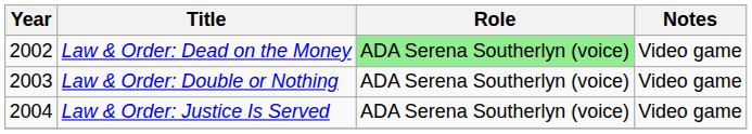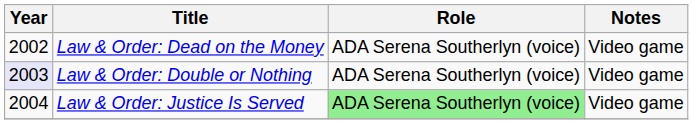 <table class="wikitable sortable">
 <tr>
 <th>Year</th>
 <th>Title</th>
 <th>Role</th>
 <th class="unsortable">Notes</th>
 </tr>
 <tr>
 <td>2002</td>
 <td><em><a href='#'>Law & Order: Dead on the Money</a></em></td>
-<td style="background: lightgreen;">ADA Serena Southerlyn (voice)</td>
+<td>ADA Serena Southerlyn (voice)</td>
 <td>Video game</td>
 </tr>
 <tr>
-<td>2003</td>
+<td style="background: lavender;">2003</td>
 <td><em><a href='#'>Law & Order: Double or Nothing</a></em></td>
 <td>ADA Serena Southerlyn (voice)</td>
 <td>Video game</td>
 </tr>
 <tr>
 <td>2004</td>
 <td><em><a href='#'>Law & Order: Justice Is Served</a></em></td>
-<td>ADA Serena Southerlyn (voice)</td>
+<td style="background: lightgreen;">ADA Serena Southerlyn (voice)</td>
 <td>Video game</td>
 </tr>
 <tr>
 </tr>
 </table>
